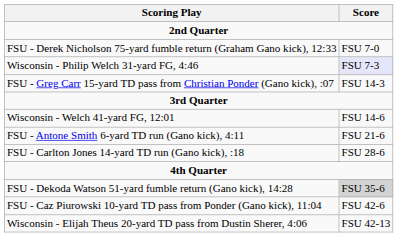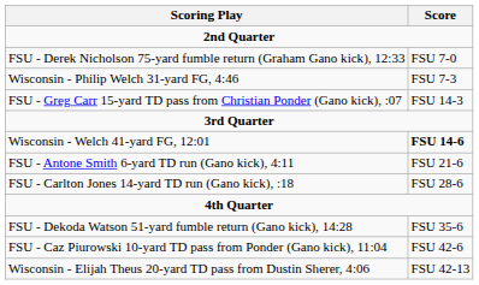 <table class="wikitable">
 <tr>
 <th>Scoring Play</th>
 <th>Score</th>
 </tr>
 <tr>
 <td colspan="4" align="center"><strong>2nd Quarter</strong></td>
 </tr>
 <tr>
 <td>FSU - Derek Nicholson 75-yard fumble return (Graham Gano kick), 12:33</td>
 <td>FSU 7-0</td>
 </tr>
 <tr>
 <td>Wisconsin - Philip Welch 31-yard FG, 4:46</td>
-<td style="background: lavender;">FSU 7-3</td>
+<td>FSU 7-3</td>
 </tr>
 <tr>
 <td>FSU - <a href='#'>Greg Carr</a> 15-yard TD pass from <a href='#'>Christian Ponder</a> (Gano kick), :07</td>
 <td>FSU 14-3</td>
 </tr>
 <tr>
 <td colspan="4" align="center"><strong>3rd Quarter</strong></td>
 </tr>
 <tr>
 <td>Wisconsin - Welch 41-yard FG, 12:01</td>
-<td>FSU 14-6</td>
+<td><strong>FSU 14-6</strong></td>
 </tr>
 <tr>
 <td>FSU - <a href='#'>Antone Smith</a> 6-yard TD run (Gano kick), 4:11</td>
 <td>FSU 21-6</td>
 </tr>
 <tr>
 <td>FSU - Carlton Jones 14-yard TD run (Gano kick), :18</td>
 <td>FSU 28-6</td>
 </tr>
 <tr>
 <td colspan="4" align="center"><strong>4th Quarter</strong></td>
 </tr>
 <tr>
 <td>FSU - Dekoda Watson 51-yard fumble return (Gano kick), 14:28</td>
-<td style="background: lightgrey;">FSU 35-6</td>
+<td>FSU 35-6</td>
 </tr>
 <tr>
 <td>FSU - Caz Piurowski 10-yard TD pass from Ponder (Gano kick), 11:04</td>
 <td>FSU 42-6</td>
 </tr>
 <tr>
 <td>Wisconsin - Elijah Theus 20-yard TD pass from Dustin Sherer, 4:06</td>
 <td>FSU 42-13</td>
 </tr>
 </table>
